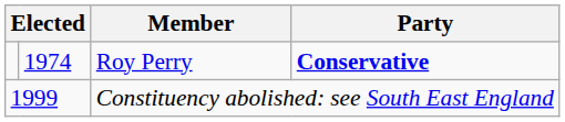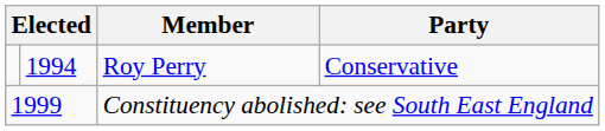 <table class="wikitable">
 <tr>
 <th colspan="2">Elected</th>
 <th>Member</th>
 <th>Party</th>
 </tr>
 <tr>
 <td style="background-color: "></td>
-<td><a href='#'>1974</a></td>
+<td><a href='#'>1994</a></td>
 <td><a href='#'>Roy Perry</a></td>
-<td><strong><a href='#'>Conservative</a></strong></td>
+<td><a href='#'>Conservative</a></td>
 </tr>
 <tr>
 <td colspan="2"><a href='#'>1999</a></td>
 <td colspan="2"><em>Constituency abolished: see <a href='#'>South East England</a></em></td>
 </tr>
 </table>
